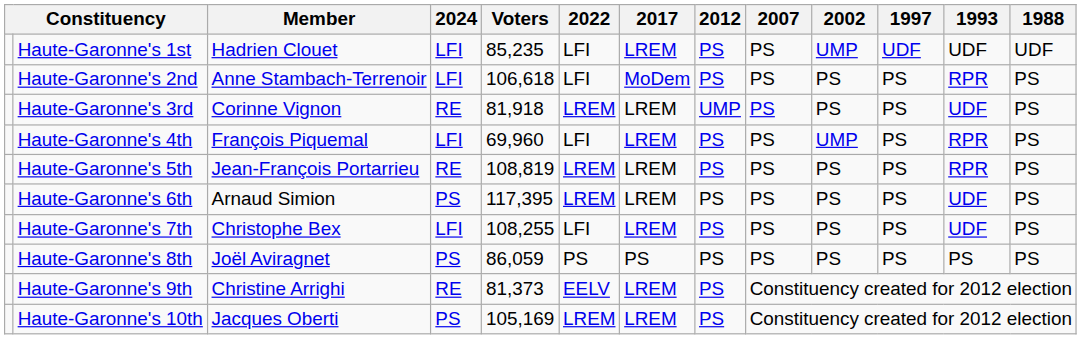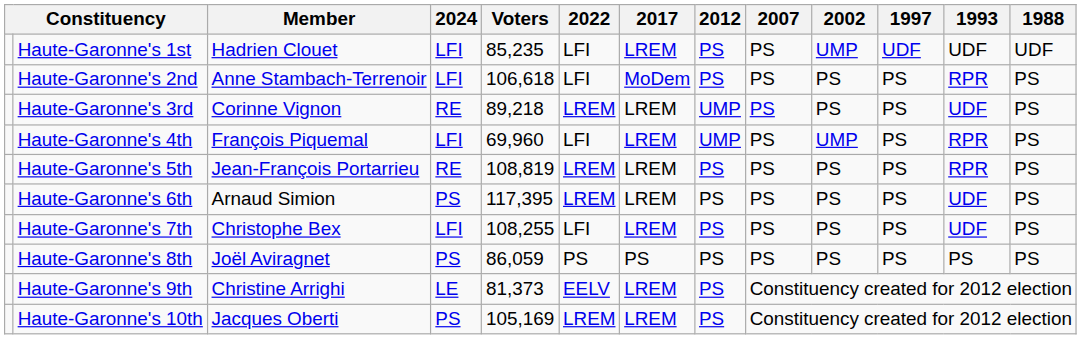 <table class="wikitable sortable">
 <tr>
 <th colspan="2">Constituency</th>
 <th>Member</th>
 <th>2024</th>
 <th>Voters</th>
 <th>2022</th>
 <th>2017</th>
 <th>2012</th>
 <th>2007</th>
 <th>2002</th>
 <th>1997</th>
 <th>1993</th>
 <th>1988</th>
 </tr>
 <tr>
 <td style="background-color: "></td>
 <td><a href='#'>Haute-Garonne's 1st</a></td>
 <td><a href='#'>Hadrien Clouet</a></td>
 <td><a href='#'>LFI</a></td>
 <td>85,235</td>
 <td>LFI</td>
 <td><a href='#'>LREM</a></td>
 <td bgcolor=><a href='#'>PS</a></td>
 <td bgcolor=>PS</td>
 <td bgcolor=><a href='#'>UMP</a></td>
 <td bgcolor=><a href='#'>UDF</a></td>
 <td bgcolor=>UDF</td>
 <td bgcolor=>UDF</td>
 </tr>
 <tr>
 <td style="background-color: "></td>
 <td><a href='#'>Haute-Garonne's 2nd</a></td>
 <td><a href='#'>Anne Stambach-Terrenoir</a></td>
 <td><a href='#'>LFI</a></td>
 <td>106,618</td>
 <td>LFI</td>
 <td><a href='#'>MoDem</a></td>
 <td bgcolor=><a href='#'>PS</a></td>
 <td bgcolor=>PS</td>
 <td bgcolor=>PS</td>
 <td bgcolor=>PS</td>
 <td bgcolor=><a href='#'>RPR</a></td>
 <td bgcolor=>PS</td>
 </tr>
 <tr>
 <td style="background-color: "></td>
 <td><a href='#'>Haute-Garonne's 3rd</a></td>
 <td><a href='#'>Corinne Vignon</a></td>
 <td><a href='#'>RE</a></td>
-<td>81,918</td>
+<td>89,218</td>
 <td><a href='#'>LREM</a></td>
 <td>LREM</td>
 <td bgcolor=><a href='#'>UMP</a></td>
 <td bgcolor=><a href='#'>PS</a></td>
 <td bgcolor=>PS</td>
 <td bgcolor=>PS</td>
 <td bgcolor=><a href='#'>UDF</a></td>
 <td bgcolor=>PS</td>
 </tr>
 <tr>
 <td style="background-color: "></td>
 <td><a href='#'>Haute-Garonne's 4th</a></td>
 <td><a href='#'>François Piquemal</a></td>
 <td><a href='#'>LFI</a></td>
 <td>69,960</td>
 <td>LFI</td>
 <td><a href='#'>LREM</a></td>
-<td bgcolor=><a href='#'>PS</a></td>
+<td bgcolor=><a href='#'>UMP</a></td>
 <td bgcolor=>PS</td>
 <td bgcolor=><a href='#'>UMP</a></td>
 <td bgcolor=>PS</td>
 <td bgcolor=><a href='#'>RPR</a></td>
 <td bgcolor=>PS</td>
 </tr>
 <tr>
 <td style="background-color: "></td>
 <td><a href='#'>Haute-Garonne's 5th</a></td>
 <td><a href='#'>Jean-François Portarrieu</a></td>
 <td><a href='#'>RE</a></td>
 <td>108,819</td>
 <td><a href='#'>LREM</a></td>
 <td>LREM</td>
 <td bgcolor=><a href='#'>PS</a></td>
 <td bgcolor=>PS</td>
 <td bgcolor=>PS</td>
 <td bgcolor=>PS</td>
 <td bgcolor=><a href='#'>RPR</a></td>
 <td bgcolor=>PS</td>
 </tr>
 <tr>
 <td style="background-color: "></td>
 <td><a href='#'>Haute-Garonne's 6th</a></td>
 <td>Arnaud Simion</td>
 <td bgcolor=><a href='#'>PS</a></td>
 <td>117,395</td>
 <td><a href='#'>LREM</a></td>
 <td>LREM</td>
 <td bgcolor=>PS</td>
 <td bgcolor=>PS</td>
 <td bgcolor=>PS</td>
 <td bgcolor=>PS</td>
 <td bgcolor=><a href='#'>UDF</a></td>
 <td bgcolor=>PS</td>
 </tr>
 <tr>
 <td style="background-color: "></td>
 <td><a href='#'>Haute-Garonne's 7th</a></td>
 <td><a href='#'>Christophe Bex</a></td>
 <td><a href='#'>LFI</a></td>
 <td>108,255</td>
 <td>LFI</td>
 <td><a href='#'>LREM</a></td>
 <td bgcolor=><a href='#'>PS</a></td>
 <td bgcolor=>PS</td>
 <td bgcolor=>PS</td>
 <td bgcolor=>PS</td>
 <td bgcolor=><a href='#'>UDF</a></td>
 <td bgcolor=>PS</td>
 </tr>
 <tr>
 <td style="background-color: "></td>
 <td><a href='#'>Haute-Garonne's 8th</a></td>
 <td><a href='#'>Joël Aviragnet</a></td>
 <td><a href='#'>PS</a></td>
 <td>86,059</td>
 <td>PS</td>
 <td>PS</td>
 <td bgcolor=>PS</td>
 <td bgcolor=>PS</td>
 <td bgcolor=>PS</td>
 <td bgcolor=>PS</td>
 <td bgcolor=>PS</td>
 <td bgcolor=>PS</td>
 </tr>
 <tr>
 <td style="background-color: "></td>
 <td><a href='#'>Haute-Garonne's 9th</a></td>
 <td><a href='#'>Christine Arrighi</a></td>
-<td><a href='#'>RE</a></td>
+<td><a href='#'>LE</a></td>
 <td>81,373</td>
 <td><a href='#'>EELV</a></td>
 <td><a href='#'>LREM</a></td>
 <td bgcolor=><a href='#'>PS</a></td>
 <td colspan="5">Constituency created for 2012 election</td>
 </tr>
 <tr>
 <td style="background-color: "></td>
 <td><a href='#'>Haute-Garonne's 10th</a></td>
 <td><a href='#'>Jacques Oberti</a></td>
 <td bgcolor=><a href='#'>PS</a></td>
 <td>105,169</td>
 <td><a href='#'>LREM</a></td>
 <td><a href='#'>LREM</a></td>
 <td bgcolor=><a href='#'>PS</a></td>
 <td colspan="5">Constituency created for 2012 election</td>
 </tr>
 </table>
